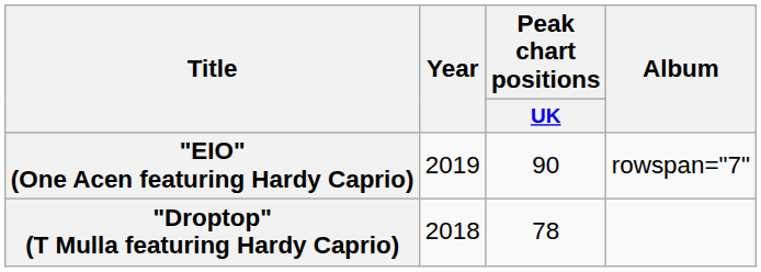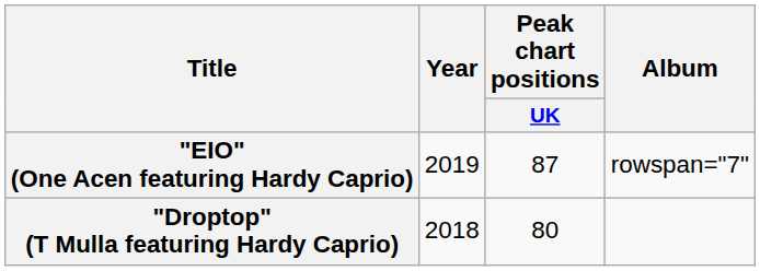 <table class="wikitable plainrowheaders" style="text-align:center;">
 <tr>
 <th rowspan="2" scope="col">Title</th>
 <th rowspan="2" scope="col">Year</th>
 <th scope="col">Peak chart positions</th>
 <th rowspan="2" scope="col">Album</th>
 </tr>
 <tr>
 <th scope="col" style="width:3em;font-size:85%;"><a href='#'>UK</a><br></th>
 </tr>
 <tr>
 <th scope="row">"EIO"<br><span>(One Acen featuring Hardy Caprio)</span></th>
 <td>2019</td>
-<td>90</td>
+<td>87</td>
 <td>rowspan="7" </td>
 </tr>
 <tr>
 <th scope="row">"Droptop"<br><span>(T Mulla featuring Hardy Caprio)</span></th>
 <td>2018</td>
-<td>78</td>
+<td>80</td>
 </tr>
 </table>
